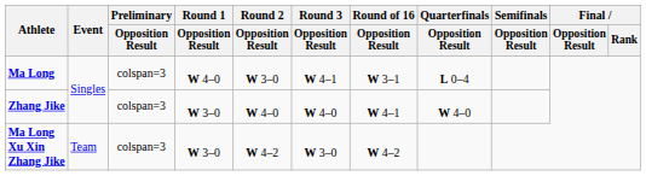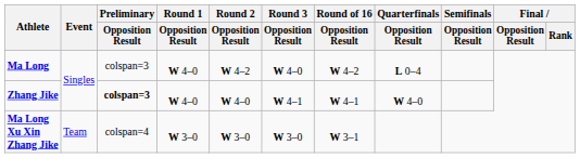 <table class="wikitable" style="font-size:90%;">
 <tr>
 <th rowspan=2>Athlete</th>
 <th rowspan=2>Event</th>
 <th>Preliminary</th>
 <th>Round 1</th>
 <th>Round 2</th>
 <th>Round 3</th>
 <th>Round of 16</th>
 <th>Quarterfinals</th>
 <th>Semifinals</th>
 <th colspan=2>Final / </th>
 </tr>
 <tr style="font-size:95%">
 <th>Opposition<br>Result</th>
 <th>Opposition<br>Result</th>
 <th>Opposition<br>Result</th>
 <th>Opposition<br>Result</th>
 <th>Opposition<br>Result</th>
 <th>Opposition<br>Result</th>
 <th>Opposition<br>Result</th>
 <th>Opposition<br>Result</th>
 <th>Rank</th>
 </tr>
 <tr align=center>
 <td align=left><strong><a href='#'>Ma Long</a></strong></td>
 <td align=left rowspan=2><a href='#'>Singles</a></td>
 <td>colspan=3 </td>
 <td><br><strong>W</strong> 4–0</td>
-<td><br><strong>W</strong> 3–0</td>
-<td><br><strong>W</strong> 4–1</td>
-<td><br><strong>W</strong> 3–1</td>
+<td><br><strong>W</strong> 4–2</td>
+<td><br><strong>W</strong> 4–0</td>
+<td><br><strong>W</strong> 4–2</td>
 <td><br><strong>L</strong> 0–4</td>
 <td></td>
 </tr>
 <tr align=center>
 <td align=left><strong><a href='#'>Zhang Jike</a></strong></td>
-<td>colspan=3 </td>
-<td><br><strong>W</strong> 3–0</td>
+<td><strong>colspan=3 </strong></td>
 <td><br><strong>W</strong> 4–0</td>
 <td><br><strong>W</strong> 4–0</td>
+<td><br><strong>W</strong> 4–1</td>
 <td><br><strong>W</strong> 4–1</td>
 <td><br><strong>W</strong> 4–0</td>
 <td></td>
 </tr>
 <tr align=center>
 <td align=left><strong><a href='#'>Ma Long</a><br><a href='#'>Xu Xin</a><br><a href='#'>Zhang Jike</a></strong></td>
 <td align=left><a href='#'>Team</a></td>
-<td>colspan=3 </td>
+<td>colspan=4 </td>
 <td><br><strong>W</strong> 3–0</td>
-<td><br><strong>W</strong> 4–2</td>
 <td><br><strong>W</strong> 3–0</td>
-<td><br><strong>W</strong> 4–2</td>
+<td><br><strong>W</strong> 3–0</td>
+<td><br><strong>W</strong> 3–1</td>
 <td></td>
 </tr>
 </table>
